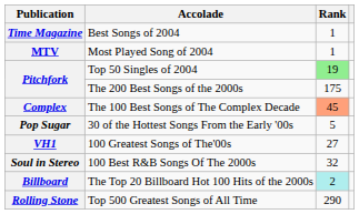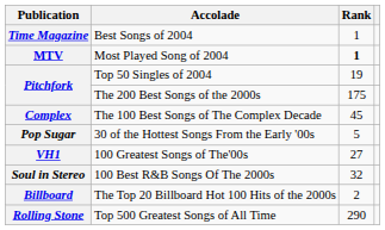 <table class="wikitable sortable plainrowheaders">
 <tr>
 <th>Publication</th>
 <th>Accolade</th>
 <th>Rank</th>
 <th class="unsortable"></th>
 </tr>
 <tr>
 <th scope="row"><em><a href='#'>Time Magazine</a></em></th>
 <td>Best Songs of 2004</td>
 <td style="text-align:center;”">1</td>
 <td style="text-align:center;”"></td>
 </tr>
 <tr>
 <th scope="row"><a href='#'>MTV</a></th>
 <td>Most Played Song of 2004</td>
-<td style="text-align:center;”">1</td>
+<td style="text-align:center;”"><strong>1</strong></td>
 <td style="text-align:center;”"></td>
 </tr>
 <tr>
 <th scope="row" rowspan="2"><em><a href='#'>Pitchfork</a></em></th>
 <td>Top 50 Singles of 2004</td>
-<td style="background: lightgreen; text-align:center;”">19</td>
+<td style="text-align:center;”">19</td>
 <td style="text-align:center;”"></td>
 </tr>
 <tr>
 <td>The 200 Best Songs of the 2000s</td>
 <td style="text-align:center;”">175</td>
 <td style="text-align:center;”"></td>
 </tr>
 <tr>
 <th scope="row"><em><a href='#'>Complex</a></em></th>
 <td>The 100 Best Songs of The Complex Decade</td>
-<td style="background: lightsalmon; text-align:center;”">45</td>
+<td style="text-align:center;”">45</td>
 <td style="text-align:center;”"></td>
 </tr>
 <tr>
 <th scope="row"><em>Pop Sugar</em></th>
 <td>30 of the Hottest Songs From the Early '00s</td>
 <td style="text-align:center;”">5</td>
 <td style="text-align:center;”"></td>
 </tr>
 <tr>
 <th scope="row"><em><a href='#'>VH1</a></em></th>
 <td>100 Greatest Songs of The'00s</td>
 <td style="text-align:center;”">27</td>
 <td style="text-align:center;”"></td>
 </tr>
 <tr>
 <th scope="row"><em>Soul in Stereo</em></th>
 <td>100 Best R&B Songs Of The 2000s</td>
 <td style="text-align:center;”">32</td>
 <td style="text-align:center;”"></td>
 </tr>
 <tr>
 <th scope="row"><em><a href='#'>Billboard</a></em></th>
 <td>The Top 20 Billboard Hot 100 Hits of the 2000s</td>
-<td style="background: paleturquoise; text-align:center;”">2</td>
+<td style="text-align:center;”">2</td>
 <td style="text-align:center;”"></td>
 </tr>
 <tr>
 <th scope="row"><em><a href='#'>Rolling Stone</a></em></th>
 <td>Top 500 Greatest Songs of All Time</td>
 <td style="text-align:center;”">290</td>
 <td style="text-align:center;”"></td>
 </tr>
 </table>
